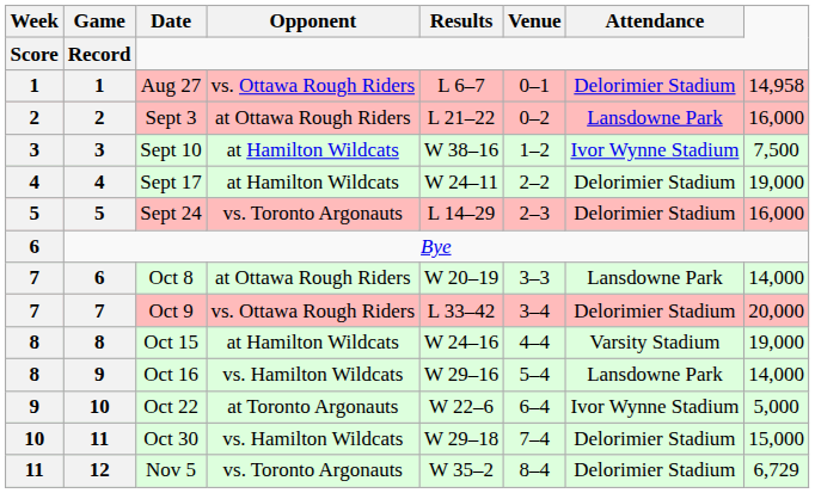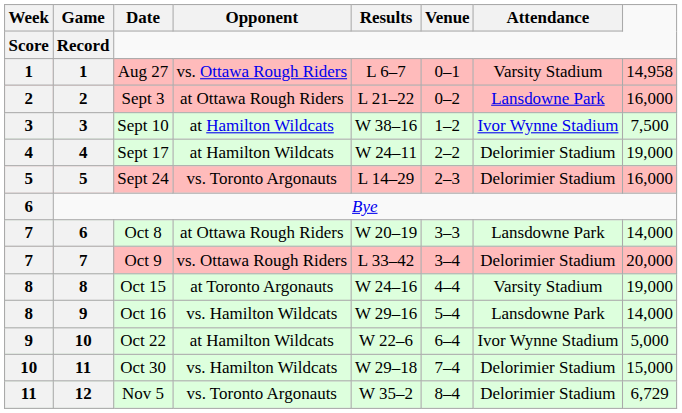 <table class="wikitable" style="text-align:center">
 <tr>
 <th>Week</th>
 <th>Game</th>
 <th>Date</th>
 <th>Opponent</th>
 <th>Results</th>
 <th>Venue</th>
 <th>Attendance</th>
 </tr>
 <tr>
 <th>Score</th>
 <th>Record</th>
 </tr>
 <tr style="background:#ffbbbb">
 <th>1</th>
 <th>1</th>
 <td>Aug 27</td>
 <td>vs. <a href='#'>Ottawa Rough Riders</a></td>
 <td>L 6–7</td>
 <td>0–1</td>
-<td><a href='#'>Delorimier Stadium</a></td>
+<td>Varsity Stadium</td>
 <td>14,958</td>
 </tr>
 <tr style="background:#ffbbbb">
 <th>2</th>
 <th>2</th>
 <td>Sept 3</td>
 <td>at Ottawa Rough Riders</td>
 <td>L 21–22</td>
 <td>0–2</td>
 <td><a href='#'>Lansdowne Park</a></td>
 <td>16,000</td>
 </tr>
 <tr style="background:#ddffdd">
 <th>3</th>
 <th>3</th>
 <td>Sept 10</td>
 <td>at <a href='#'>Hamilton Wildcats</a></td>
 <td>W 38–16</td>
 <td>1–2</td>
 <td><a href='#'>Ivor Wynne Stadium</a></td>
 <td>7,500</td>
 </tr>
 <tr style="background:#ddffdd">
 <th>4</th>
 <th>4</th>
 <td>Sept 17</td>
 <td>at Hamilton Wildcats</td>
 <td>W 24–11</td>
 <td>2–2</td>
 <td>Delorimier Stadium</td>
 <td>19,000</td>
 </tr>
 <tr style="background:#ffbbbb">
 <th>5</th>
 <th>5</th>
 <td>Sept 24</td>
 <td>vs. Toronto Argonauts</td>
 <td>L 14–29</td>
 <td>2–3</td>
 <td>Delorimier Stadium</td>
 <td>16,000</td>
 </tr>
 <tr>
 <th>6</th>
 <td colspan=7><em><a href='#'>Bye</a></em></td>
 </tr>
 <tr style="background:#ddffdd">
 <th>7</th>
 <th>6</th>
 <td>Oct 8</td>
 <td>at Ottawa Rough Riders</td>
 <td>W 20–19</td>
 <td>3–3</td>
 <td>Lansdowne Park</td>
 <td>14,000</td>
 </tr>
 <tr style="background:#ffbbbb">
 <th>7</th>
 <th>7</th>
 <td>Oct 9</td>
 <td>vs. Ottawa Rough Riders</td>
 <td>L 33–42</td>
 <td>3–4</td>
 <td>Delorimier Stadium</td>
 <td>20,000</td>
 </tr>
 <tr style="background:#ddffdd">
 <th>8</th>
 <th>8</th>
 <td>Oct 15</td>
-<td>at Hamilton Wildcats</td>
+<td>at Toronto Argonauts</td>
 <td>W 24–16</td>
 <td>4–4</td>
 <td>Varsity Stadium</td>
 <td>19,000</td>
 </tr>
 <tr style="background:#ddffdd">
 <th>8</th>
 <th>9</th>
 <td>Oct 16</td>
 <td>vs. Hamilton Wildcats</td>
 <td>W 29–16</td>
 <td>5–4</td>
 <td>Lansdowne Park</td>
 <td>14,000</td>
 </tr>
 <tr style="background:#ddffdd">
 <th>9</th>
 <th>10</th>
 <td>Oct 22</td>
-<td>at Toronto Argonauts</td>
+<td>at Hamilton Wildcats</td>
 <td>W 22–6</td>
 <td>6–4</td>
 <td>Ivor Wynne Stadium</td>
 <td>5,000</td>
 </tr>
 <tr style="background:#ddffdd">
 <th>10</th>
 <th>11</th>
 <td>Oct 30</td>
 <td>vs. Hamilton Wildcats</td>
 <td>W 29–18</td>
 <td>7–4</td>
 <td>Delorimier Stadium</td>
 <td>15,000</td>
 </tr>
 <tr style="background:#ddffdd">
 <th>11</th>
 <th>12</th>
 <td>Nov 5</td>
 <td>vs. Toronto Argonauts</td>
 <td>W 35–2</td>
 <td>8–4</td>
 <td>Delorimier Stadium</td>
 <td>6,729</td>
 </tr>
 </table>
